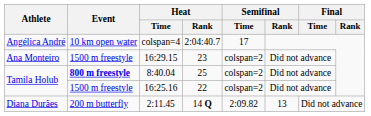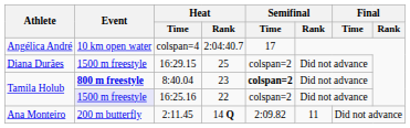 <table class=wikitable style="font-size:90%">
 <tr>
 <th rowspan="2">Athlete</th>
 <th rowspan="2">Event</th>
 <th colspan="2">Heat</th>
 <th colspan="2">Semifinal</th>
 <th colspan="2">Final</th>
 </tr>
 <tr style="font-size:95%">
 <th>Time</th>
 <th>Rank</th>
 <th>Time</th>
 <th>Rank</th>
 <th>Time</th>
 <th>Rank</th>
 </tr>
 <tr align=center>
 <td align=left><a href='#'>Angélica André</a></td>
 <td align=left><a href='#'>10 km open water</a></td>
 <td>colspan=4 </td>
 <td>2:04:40.7</td>
 <td>17</td>
 </tr>
 <tr align=center>
-<td align=left><a href='#'>Ana Monteiro</a></td>
+<td align=left><a href='#'>Diana Durães</a></td>
 <td align=left><a href='#'>1500 m freestyle</a></td>
 <td>16:29.15</td>
-<td>23</td>
+<td>25</td>
 <td>colspan=2 </td>
 <td colspan="2">Did not advance</td>
 </tr>
 <tr align=center>
 <td align=left rowspan=2><a href='#'>Tamila Holub</a></td>
 <td align=left><strong><a href='#'>800 m freestyle</a></strong></td>
 <td>8:40.04</td>
-<td>25</td>
-<td>colspan=2 </td>
+<td>23</td>
+<td><strong>colspan=2 </strong></td>
 <td colspan="2">Did not advance</td>
 </tr>
 <tr align=center>
-<td align=left><a href='#'>1500 m freestyle</a></td>
+<td align=left style="background: lavender;"><a href='#'>1500 m freestyle</a></td>
 <td>16:25.16</td>
 <td>22</td>
 <td>colspan=2 </td>
 <td colspan="2">Did not advance</td>
 </tr>
 <tr align=center>
-<td align=left><a href='#'>Diana Durães</a></td>
+<td align=left><a href='#'>Ana Monteiro</a></td>
 <td align=left><a href='#'>200 m butterfly</a></td>
 <td>2:11.45</td>
 <td>14 <strong>Q</strong></td>
 <td>2:09.82</td>
-<td>13</td>
+<td>11</td>
 <td colspan="2">Did not advance</td>
 </tr>
 </table>
